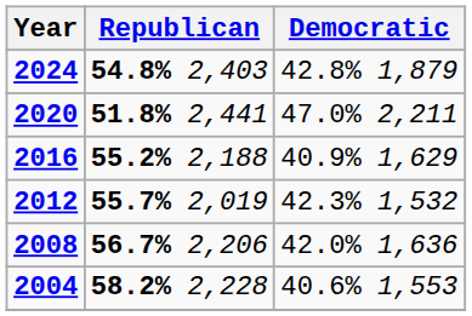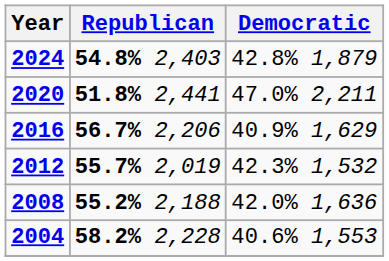 <table class="wikitable" style="float:right; margin: 1em 1em 1em 0; font-size: 95%;">
 <tr>
 <th>Year</th>
 <th><a href='#'>Republican</a></th>
 <th><a href='#'>Democratic</a></th>
 </tr>
 <tr>
 <td style="text-align:center; "><strong><a href='#'>2024</a></strong></td>
 <td style="text-align:center; "><strong>54.8%</strong> <em>2,403</em></td>
 <td style="text-align:center; ">42.8% <em>1,879</em></td>
 </tr>
 <tr>
 <td style="text-align:center; "><strong><a href='#'>2020</a></strong></td>
 <td style="text-align:center; "><strong>51.8%</strong> <em>2,441</em></td>
 <td style="text-align:center; ">47.0%  <em>2,211</em></td>
 </tr>
 <tr>
 <td style="text-align:center; "><strong><a href='#'>2016</a></strong></td>
-<td style="text-align:center; "><strong>55.2%</strong> <em>2,188</em></td>
+<td style="text-align:center; "><strong>56.7%</strong> <em>2,206</em></td>
 <td style="text-align:center; ">40.9%  <em>1,629</em></td>
 </tr>
 <tr>
 <td style="text-align:center; "><strong><a href='#'>2012</a></strong></td>
 <td style="text-align:center; "><strong>55.7%</strong> <em>2,019</em></td>
 <td style="text-align:center; ">42.3%  <em>1,532</em></td>
 </tr>
 <tr>
 <td style="text-align:center; "><strong><a href='#'>2008</a></strong></td>
-<td style="text-align:center; "><strong>56.7%</strong> <em>2,206</em></td>
+<td style="text-align:center; "><strong>55.2%</strong> <em>2,188</em></td>
 <td style="text-align:center; ">42.0%  <em>1,636</em></td>
 </tr>
 <tr>
 <td style="text-align:center; "><strong><a href='#'>2004</a></strong></td>
 <td style="text-align:center; "><strong>58.2%</strong> <em>2,228</em></td>
 <td style="text-align:center; ">40.6% <em>1,553</em></td>
 </tr>
 <tr>
 </tr>
 </table>
